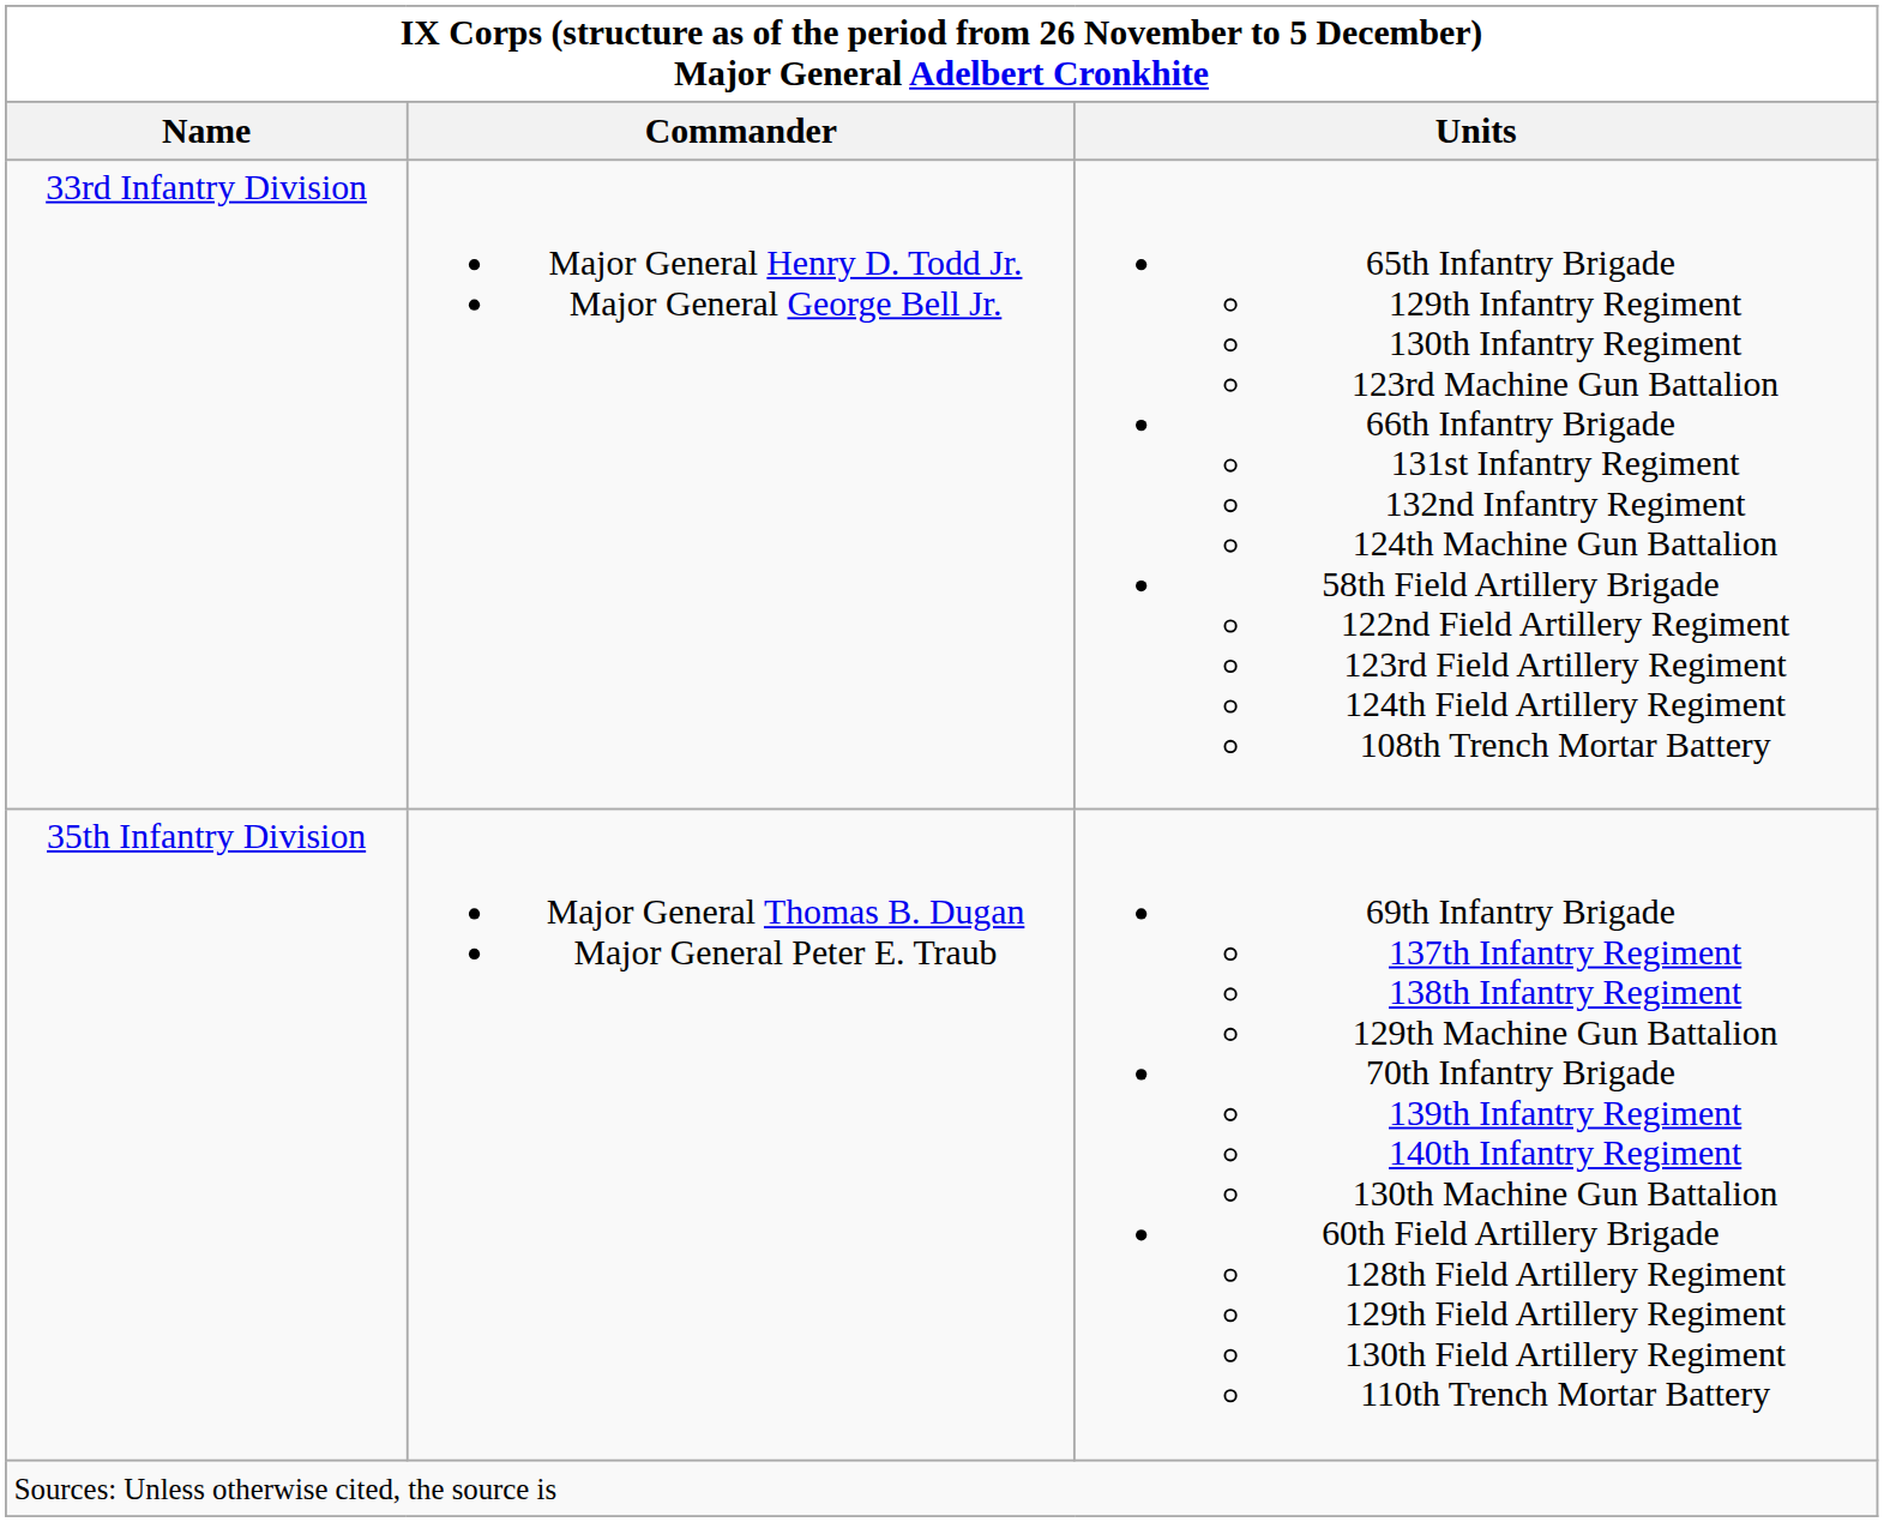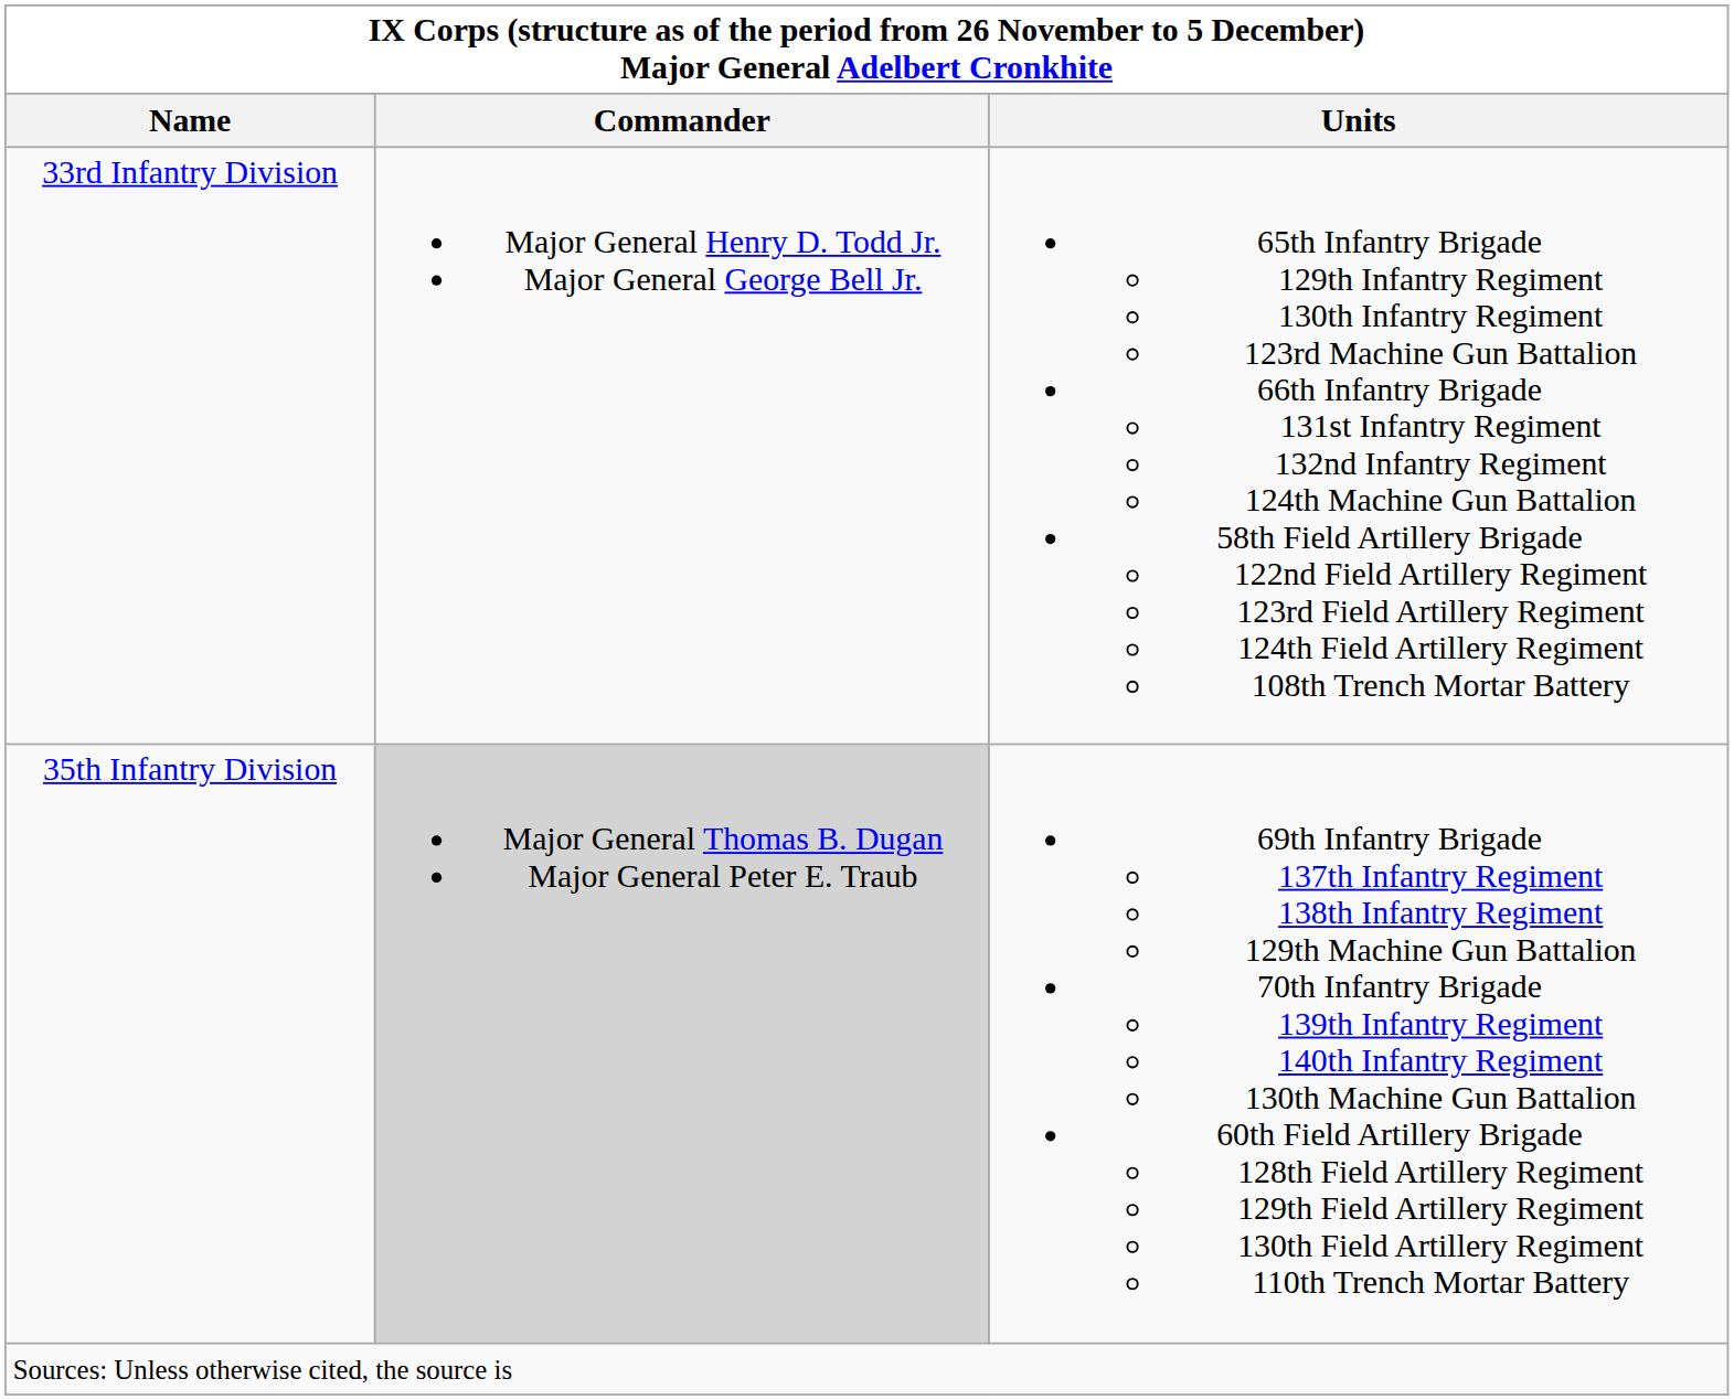 <table class="wikitable" style="width:95%;">
 <tr valign="top">
 <th colspan="11" style="background:white;">IX Corps (structure as of the period from 26 November to 5 December)<br>Major General <a href='#'>Adelbert Cronkhite</a></th>
 </tr>
 <tr valign="top"|- valign="top">
 <th style="width:15%; text-align:center;">Name</th>
 <th style="width:25%; text-align:center;">Commander</th>
 <th style="width:30%; text-align:center;">Units</th>
 </tr>
 <tr valign="top">
 <td align=center><a href='#'>33rd Infantry Division</a></td>
 <td align=center><br><ul><li>Major General <a href='#'>Henry D. Todd Jr.</a></li><li>Major General <a href='#'>George Bell Jr.</a></li></ul></td>
 <td align=center><br><ul><li>65th Infantry Brigade<ul><li>129th Infantry Regiment</li><li>130th Infantry Regiment</li><li>123rd Machine Gun Battalion</li></ul></li><li>66th Infantry Brigade<ul><li>131st Infantry Regiment</li><li>132nd Infantry Regiment</li><li>124th Machine Gun Battalion</li></ul></li><li>58th Field Artillery Brigade<ul><li>122nd Field Artillery Regiment</li><li>123rd Field Artillery Regiment</li><li>124th Field Artillery Regiment</li><li>108th Trench Mortar Battery</li></ul></li></ul></td>
 </tr>
 <tr valign="top">
 <td align=center><a href='#'>35th Infantry Division</a></td>
-<td align=center><br><ul><li>Major General <a href='#'>Thomas B. Dugan</a></li><li>Major General Peter E. Traub</li></ul></td>
+<td align=center style="background: lightgrey;"><br><ul><li>Major General <a href='#'>Thomas B. Dugan</a></li><li>Major General Peter E. Traub</li></ul></td>
 <td align=center><br><ul><li>69th Infantry Brigade<ul><li><a href='#'>137th Infantry Regiment</a></li><li><a href='#'>138th Infantry Regiment</a></li><li>129th Machine Gun Battalion</li></ul></li><li>70th Infantry Brigade<ul><li><a href='#'>139th Infantry Regiment</a></li><li><a href='#'>140th Infantry Regiment</a></li><li>130th Machine Gun Battalion</li></ul></li><li>60th Field Artillery Brigade<ul><li>128th Field Artillery Regiment</li><li>129th Field Artillery Regiment</li><li>130th Field Artillery Regiment</li><li>110th Trench Mortar Battery</li></ul></li></ul></td>
 </tr>
 <tr valign="top">
 <td colspan="9" style="text-align:left;"><small>Sources: Unless otherwise cited, the source is </small></td>
 </tr>
 </table>
